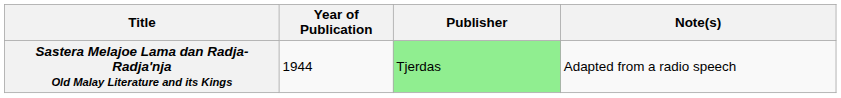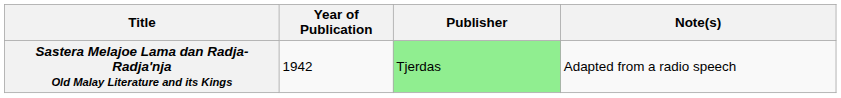 <table class="wikitable plainrowheaders unsortable" style="margin-right: 0;">
 <tr>
 <th scope="col"  style="width:20em;">Title</th>
 <th scope="col"  style="width:8em;">Year of Publication</th>
 <th scope="col"  style="width:12em;">Publisher</th>
 <th scope="col"  style="width:20em;">Note(s)</th>
 </tr>
 <tr>
 <th scope="row"><em>Sastera Melajoe Lama dan Radja-Radja'nja</em><br><small><em>Old Malay Literature and its Kings</em></small></th>
-<td>1944</td>
+<td>1942</td>
 <td style="background: lightgreen;">Tjerdas</td>
 <td>Adapted from a radio speech</td>
 </tr>
 </table>
